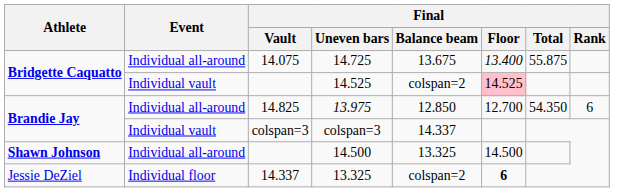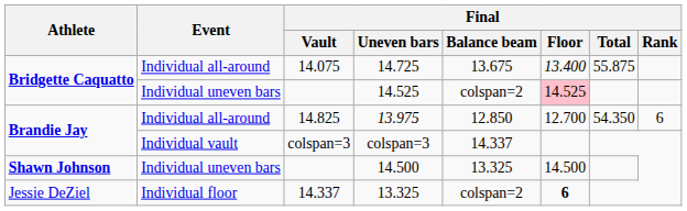 <table class="wikitable" style="font-size:90%">
 <tr>
 <th rowspan=2>Athlete</th>
 <th rowspan=2>Event</th>
 <th colspan=6>Final</th>
 </tr>
 <tr>
 <th>Vault</th>
 <th>Uneven bars</th>
 <th>Balance beam</th>
 <th>Floor</th>
 <th>Total</th>
 <th>Rank</th>
 </tr>
 <tr align=center>
 <td align=left rowspan=2><strong><a href='#'>Bridgette Caquatto</a></strong></td>
 <td align=left><a href='#'>Individual all-around</a></td>
 <td>14.075</td>
 <td>14.725</td>
 <td>13.675</td>
 <td><em>13.400</em></td>
 <td>55.875</td>
 <td></td>
 </tr>
 <tr align=center>
-<td align=left><a href='#'>Individual vault</a></td>
+<td align=left><a href='#'>Individual uneven bars</a></td>
 <td></td>
 <td>14.525</td>
 <td>colspan=2 </td>
 <td style="background: pink;">14.525</td>
 <td></td>
 </tr>
 <tr align=center>
 <td align=left rowspan=2><strong><a href='#'>Brandie Jay</a></strong></td>
 <td align=left><a href='#'>Individual all-around</a></td>
 <td>14.825</td>
 <td><em>13.975</em></td>
 <td>12.850</td>
 <td>12.700</td>
 <td>54.350</td>
 <td>6</td>
 </tr>
 <tr align=center>
 <td align=left><a href='#'>Individual vault</a></td>
 <td>colspan=3 </td>
 <td>colspan=3 </td>
 <td>14.337</td>
 <td></td>
 </tr>
 <tr align=center>
 <td align=left><strong><a href='#'>Shawn Johnson</a></strong></td>
-<td align=left><a href='#'>Individual all-around</a></td>
+<td align=left><a href='#'>Individual uneven bars</a></td>
 <td></td>
 <td>14.500</td>
 <td>13.325</td>
 <td>14.500</td>
 <td></td>
 </tr>
 <tr align=center>
 <td align=left><a href='#'>Jessie DeZiel</a></td>
 <td align=left><a href='#'>Individual floor</a></td>
 <td>14.337</td>
 <td>13.325</td>
 <td>colspan=2 </td>
 <td><strong>6</strong></td>
 </tr>
 </table>
